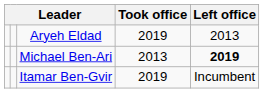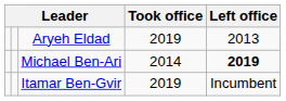 <table class="wikitable" style="text-align: center;">
 <tr>
 <th colspan="3">Leader</th>
 <th>Took office</th>
 <th>Left office</th>
 </tr>
 <tr>
 <td style="background: "></td>
 <td></td>
 <td><a href='#'>Aryeh Eldad</a></td>
 <td>2019</td>
 <td>2013</td>
 </tr>
 <tr>
 <td style="background: "></td>
 <td></td>
 <td><a href='#'>Michael Ben-Ari</a></td>
-<td>2013</td>
+<td>2014</td>
 <td><strong>2019</strong></td>
 </tr>
 <tr>
 <td style="background: "></td>
 <td></td>
 <td><a href='#'>Itamar Ben-Gvir</a></td>
 <td>2019</td>
 <td>Incumbent</td>
 </tr>
 </table>
